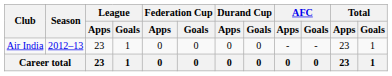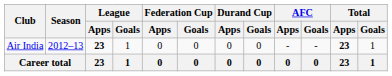 <table class="wikitable" style="font-size:90%; text-align:center;">
 <tr>
 <th rowspan="2">Club</th>
 <th rowspan="2">Season</th>
 <th colspan="2">League</th>
 <th colspan="2">Federation Cup</th>
 <th colspan="2">Durand Cup</th>
 <th colspan="2"><a href='#'>AFC</a></th>
 <th colspan="2">Total</th>
 </tr>
 <tr>
 <th>Apps</th>
 <th>Goals</th>
 <th>Apps</th>
 <th>Goals</th>
 <th>Apps</th>
 <th>Goals</th>
 <th>Apps</th>
 <th>Goals</th>
 <th>Apps</th>
 <th>Goals</th>
 </tr>
 <tr>
 <td rowspan="1"><a href='#'>Air India</a></td>
 <td><a href='#'>2012–13</a></td>
-<td>23</td>
+<td><strong>23</strong></td>
 <td>1</td>
 <td>0</td>
 <td>0</td>
 <td>0</td>
 <td>0</td>
 <td>-</td>
 <td>-</td>
-<td>23</td>
+<td><strong>23</strong></td>
 <td>1</td>
 </tr>
 <tr>
 <th colspan="2">Career total</th>
 <th>23</th>
 <th>1</th>
 <th>0</th>
 <th>0</th>
 <th>0</th>
 <th>0</th>
 <th>0</th>
 <th>0</th>
 <th>23</th>
 <th>1</th>
 </tr>
 </table>
